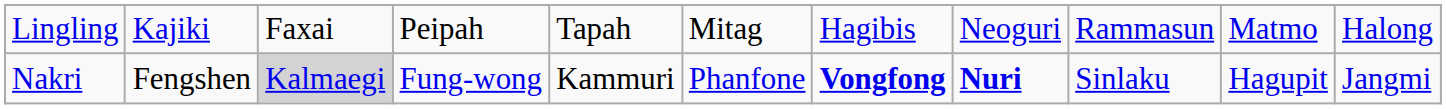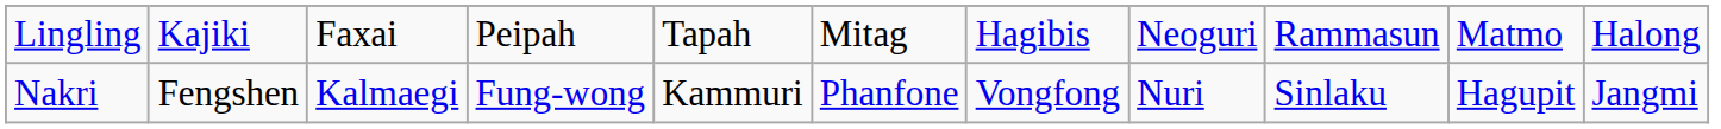 <table class="wikitable">
 <tr>
 <td><a href='#'>Lingling</a></td>
 <td><a href='#'>Kajiki</a></td>
 <td>Faxai</td>
 <td>Peipah</td>
 <td>Tapah</td>
 <td>Mitag</td>
 <td><a href='#'>Hagibis</a></td>
 <td><a href='#'>Neoguri</a></td>
 <td><a href='#'>Rammasun</a></td>
 <td><a href='#'>Matmo</a></td>
 <td><a href='#'>Halong</a></td>
 </tr>
 <tr>
 <td><a href='#'>Nakri</a></td>
 <td>Fengshen</td>
-<td style="background: lightgrey;"><a href='#'>Kalmaegi</a></td>
+<td><a href='#'>Kalmaegi</a></td>
 <td><a href='#'>Fung-wong</a></td>
 <td>Kammuri</td>
 <td><a href='#'>Phanfone</a></td>
-<td><strong><a href='#'>Vongfong</a></strong></td>
-<td><strong><a href='#'>Nuri</a></strong></td>
+<td><a href='#'>Vongfong</a></td>
+<td><a href='#'>Nuri</a></td>
 <td><a href='#'>Sinlaku</a></td>
 <td><a href='#'>Hagupit</a></td>
 <td><a href='#'>Jangmi</a></td>
 </tr>
 </table>
